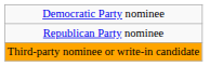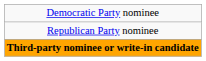 <table class="wikitable" style="text-align:center; font-size:90%">
 <tr>
 <td><a href='#'>Democratic Party</a> nominee</td>
 </tr>
 <tr>
 <td><a href='#'>Republican Party</a> nominee</td>
 </tr>
 <tr>
-<td style="background-color:orange">Third-party nominee or write-in candidate</td>
+<td style="background-color:orange"><strong>Third-party nominee or write-in candidate</strong></td>
 </tr>
 </table>
